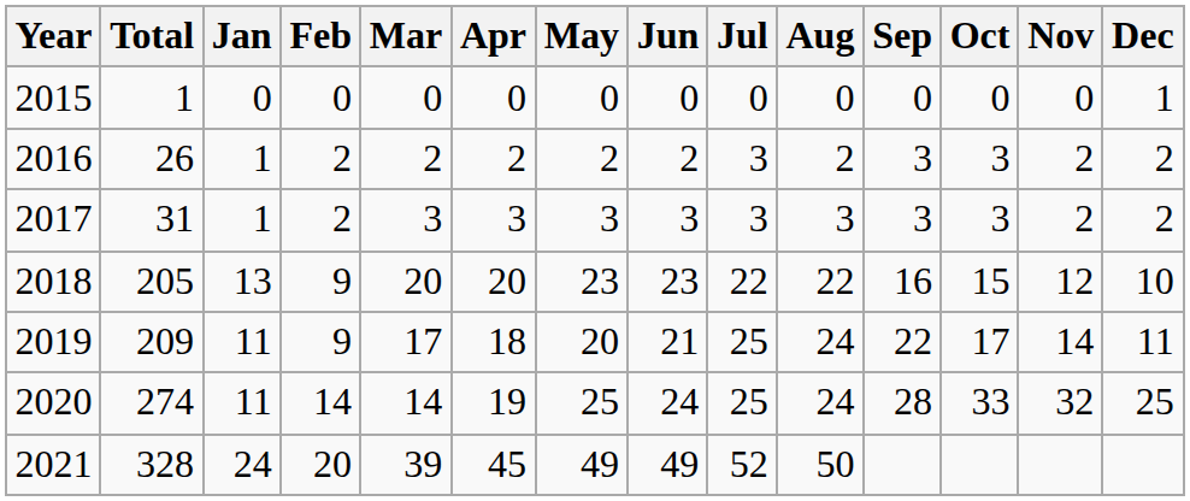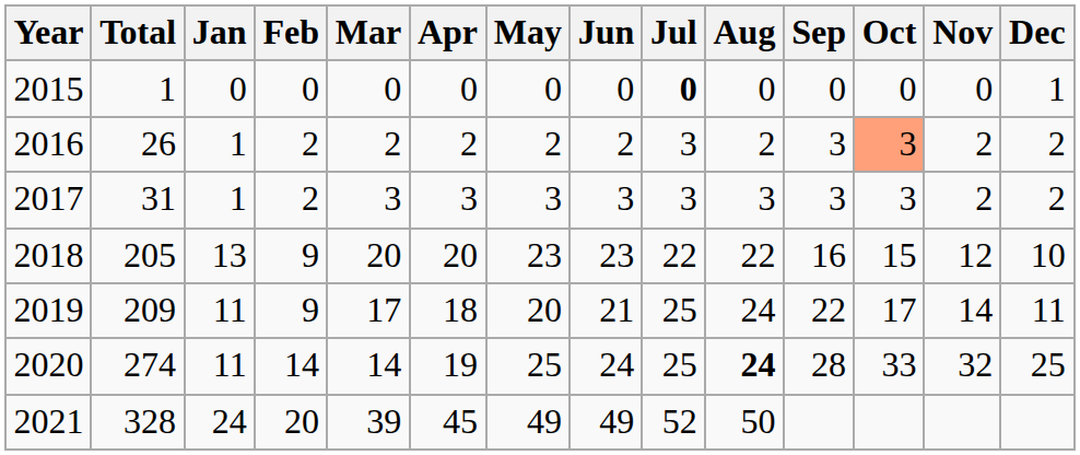 <table class="wikitable" style="text-align:right;">
 <tr>
 <th>Year</th>
 <th>Total</th>
 <th>Jan</th>
 <th>Feb</th>
 <th>Mar</th>
 <th>Apr</th>
 <th>May</th>
 <th>Jun</th>
 <th>Jul</th>
 <th>Aug</th>
 <th>Sep</th>
 <th>Oct</th>
 <th>Nov</th>
 <th>Dec</th>
 </tr>
 <tr align=right>
 <td>2015</td>
 <td>1</td>
 <td>0</td>
 <td>0</td>
 <td>0</td>
 <td>0</td>
 <td>0</td>
 <td>0</td>
-<td>0</td>
+<td><strong>0</strong></td>
 <td>0</td>
 <td>0</td>
 <td>0</td>
 <td>0</td>
 <td>1</td>
 </tr>
 <tr align=right>
 <td>2016</td>
 <td>26</td>
 <td>1</td>
 <td>2</td>
 <td>2</td>
 <td>2</td>
 <td>2</td>
 <td>2</td>
 <td>3</td>
 <td>2</td>
 <td>3</td>
-<td>3</td>
+<td style="background: lightsalmon;">3</td>
 <td>2</td>
 <td>2</td>
 </tr>
 <tr align=right>
 <td>2017</td>
 <td>31</td>
 <td>1</td>
 <td>2</td>
 <td>3</td>
 <td>3</td>
 <td>3</td>
 <td>3</td>
 <td>3</td>
 <td>3</td>
 <td>3</td>
 <td>3</td>
 <td>2</td>
 <td>2</td>
 </tr>
 <tr align=right>
 <td>2018</td>
 <td>205</td>
 <td>13</td>
 <td>9</td>
 <td>20</td>
 <td>20</td>
 <td>23</td>
 <td>23</td>
 <td>22</td>
 <td>22</td>
 <td>16</td>
 <td>15</td>
 <td>12</td>
 <td>10</td>
 </tr>
 <tr align=right>
 <td>2019</td>
 <td>209</td>
 <td>11</td>
 <td>9</td>
 <td>17</td>
 <td>18</td>
 <td>20</td>
 <td>21</td>
 <td>25</td>
 <td>24</td>
 <td>22</td>
 <td>17</td>
 <td>14</td>
 <td>11</td>
 </tr>
 <tr align=right>
 <td>2020</td>
 <td>274</td>
 <td>11</td>
 <td>14</td>
 <td>14</td>
 <td>19</td>
 <td>25</td>
 <td>24</td>
 <td>25</td>
-<td>24</td>
+<td><strong>24</strong></td>
 <td>28</td>
 <td>33</td>
 <td>32</td>
 <td>25</td>
 </tr>
 <tr align=right>
 <td>2021</td>
 <td>328</td>
 <td>24</td>
 <td>20</td>
 <td>39</td>
 <td>45</td>
 <td>49</td>
 <td>49</td>
 <td>52</td>
 <td>50</td>
 <td></td>
 <td></td>
 <td></td>
 </tr>
 </table>
